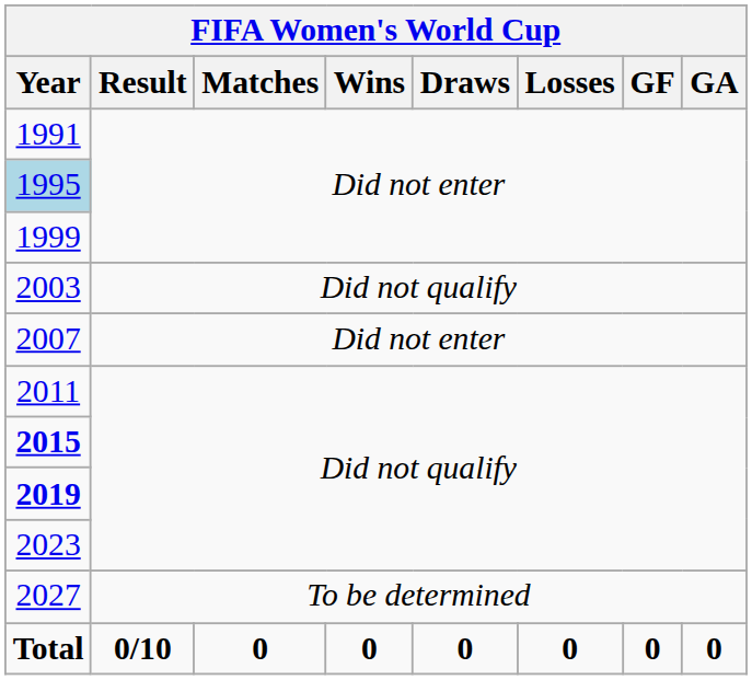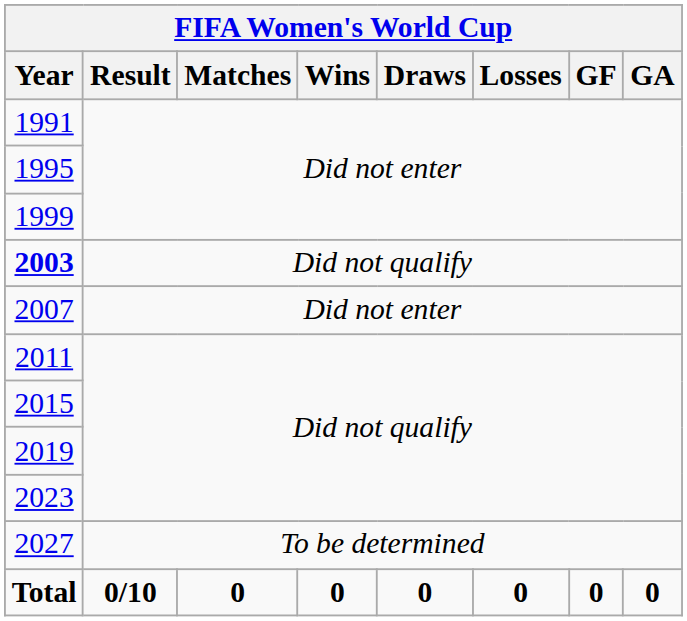 <table class="wikitable" style="text-align: center;">
 <tr>
 <th colspan=10><a href='#'>FIFA Women's World Cup</a></th>
 </tr>
 <tr>
 <th>Year</th>
 <th>Result</th>
 <th>Matches</th>
 <th>Wins</th>
 <th>Draws</th>
 <th>Losses</th>
 <th>GF</th>
 <th>GA</th>
 </tr>
 <tr>
 <td> <a href='#'>1991</a></td>
 <td colspan=8 rowspan=3><em>Did not enter</em></td>
 </tr>
 <tr>
-<td style="background: lightblue;"> <a href='#'>1995</a></td>
+<td> <a href='#'>1995</a></td>
 </tr>
 <tr>
 <td> <a href='#'>1999</a></td>
 </tr>
 <tr>
-<td> <a href='#'>2003</a></td>
+<td><strong> <a href='#'>2003</a></strong></td>
 <td colspan=8><em>Did not qualify</em></td>
 </tr>
 <tr>
 <td> <a href='#'>2007</a></td>
 <td colspan=8><em>Did not enter</em></td>
 </tr>
 <tr>
 <td> <a href='#'>2011</a></td>
 <td colspan=8 rowspan=4><em>Did not qualify</em></td>
 </tr>
 <tr>
-<td><strong> <a href='#'>2015</a></strong></td>
+<td> <a href='#'>2015</a></td>
 </tr>
 <tr>
-<td><strong> <a href='#'>2019</a></strong></td>
+<td> <a href='#'>2019</a></td>
 </tr>
 <tr>
 <td>  <a href='#'>2023</a></td>
 </tr>
 <tr>
 <td> <a href='#'>2027</a></td>
 <td colspan=8><em>To be determined</em></td>
 </tr>
 <tr>
 <td><strong>Total</strong></td>
 <td><strong>0/10</strong></td>
 <td><strong>0</strong></td>
 <td><strong>0</strong></td>
 <td><strong>0</strong></td>
 <td><strong>0</strong></td>
 <td><strong>0</strong></td>
 <td><strong>0</strong></td>
 </tr>
 </table>
